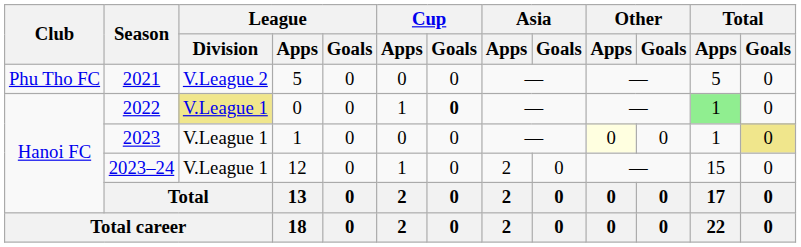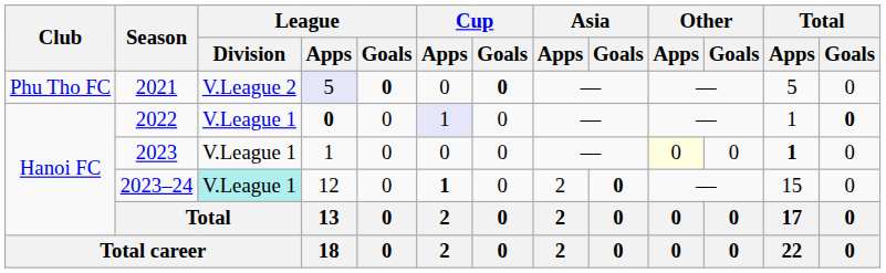 <table class="wikitable" style="text-align: center">
 <tr>
 <th rowspan=2>Club</th>
 <th rowspan=2>Season</th>
 <th colspan=3>League</th>
 <th colspan=2><a href='#'>Cup</a></th>
 <th colspan=2>Asia</th>
 <th colspan=2>Other</th>
 <th colspan=2>Total</th>
 </tr>
 <tr>
 <th>Division</th>
 <th>Apps</th>
 <th>Goals</th>
 <th>Apps</th>
 <th>Goals</th>
 <th>Apps</th>
 <th>Goals</th>
 <th>Apps</th>
 <th>Goals</th>
 <th>Apps</th>
 <th>Goals</th>
 </tr>
 <tr>
 <td><a href='#'>Phu Tho FC</a></td>
 <td><a href='#'>2021</a></td>
 <td><a href='#'>V.League 2</a></td>
-<td>5</td>
+<td style="background: lavender;">5</td>
+<td><strong>0</strong></td>
 <td>0</td>
-<td>0</td>
-<td>0</td>
+<td><strong>0</strong></td>
 <td colspan=2>—</td>
 <td colspan=2>—</td>
 <td>5</td>
 <td>0</td>
 </tr>
 <tr>
 <td rowspan=4><a href='#'>Hanoi FC</a></td>
 <td><a href='#'>2022</a></td>
-<td style="background: khaki;"><a href='#'>V.League 1</a></td>
+<td><a href='#'>V.League 1</a></td>
+<td><strong>0</strong></td>
 <td>0</td>
+<td style="background: lavender;">1</td>
 <td>0</td>
+<td colspan="2">—</td>
+<td colspan="2">—</td>
 <td>1</td>
 <td><strong>0</strong></td>
-<td colspan="2">—</td>
-<td colspan="2">—</td>
-<td style="background: lightgreen;">1</td>
-<td>0</td>
 </tr>
 <tr>
 <td><a href='#'>2023</a></td>
 <td>V.League 1</td>
 <td>1</td>
 <td>0</td>
 <td>0</td>
 <td>0</td>
 <td colspan="2">—</td>
 <td style="background: lightyellow;">0</td>
 <td>0</td>
-<td>1</td>
-<td style="background: khaki;">0</td>
+<td><strong>1</strong></td>
+<td>0</td>
 </tr>
 <tr>
 <td><a href='#'>2023–24</a></td>
-<td>V.League 1</td>
+<td style="background: paleturquoise;">V.League 1</td>
 <td>12</td>
 <td>0</td>
-<td>1</td>
+<td><strong>1</strong></td>
 <td>0</td>
 <td>2</td>
-<td>0</td>
+<td><strong>0</strong></td>
 <td colspan=2>—</td>
 <td>15</td>
 <td>0</td>
 </tr>
 <tr>
 <th colspan="2">Total</th>
 <th>13</th>
 <th>0</th>
 <th>2</th>
 <th>0</th>
 <th>2</th>
 <th>0</th>
 <th>0</th>
 <th>0</th>
 <th>17</th>
 <th>0</th>
 </tr>
 <tr>
 <th colspan="3">Total career</th>
 <th>18</th>
 <th>0</th>
 <th>2</th>
 <th>0</th>
 <th>2</th>
 <th>0</th>
 <th>0</th>
 <th>0</th>
 <th>22</th>
 <th>0</th>
 </tr>
 </table>
